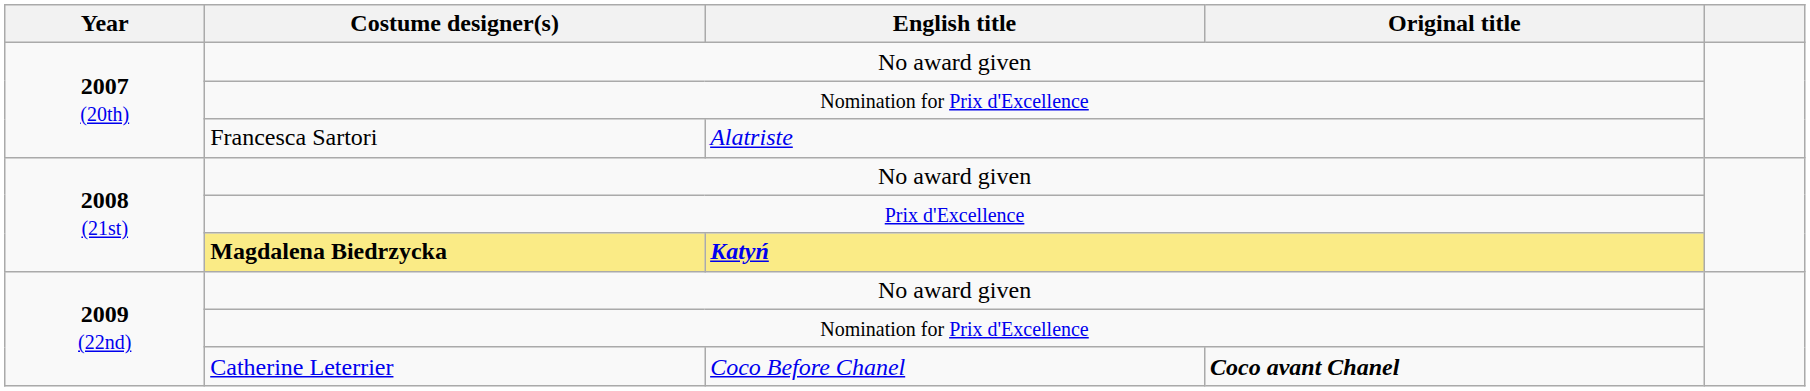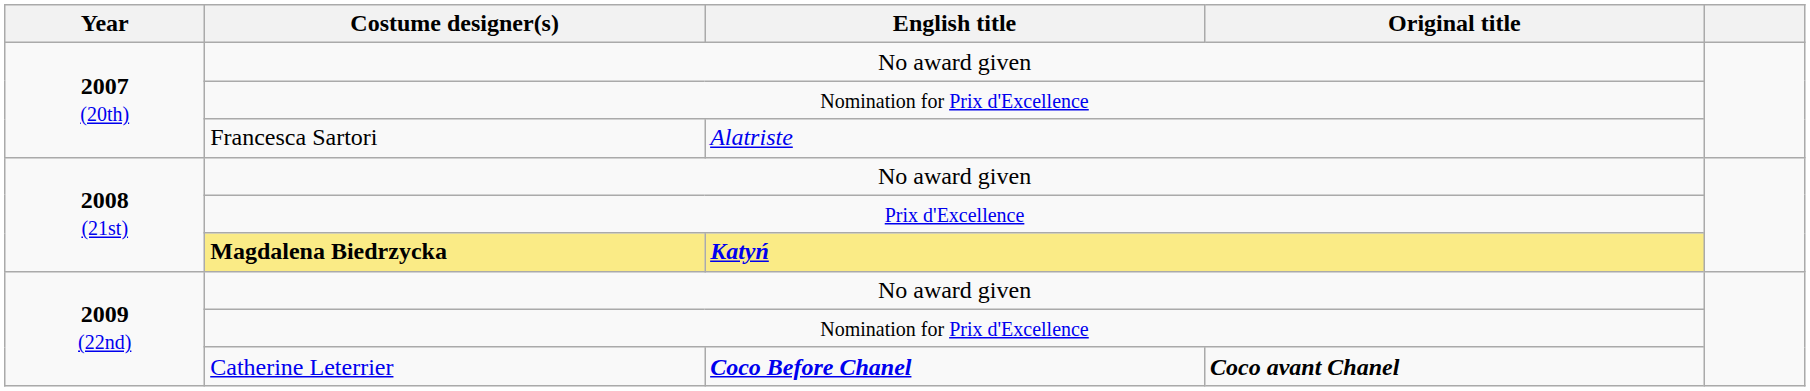 <table class="wikitable" width="95%" cellpadding="5">
 <tr>
 <th width="10%">Year</th>
 <th width="25%">Costume designer(s)</th>
 <th width="25%">English title</th>
 <th width="25%">Original title</th>
 <th width="5%"></th>
 </tr>
 <tr>
 <td style="text-align:center;" rowspan=3><strong>2007</strong><small><br><a href='#'>(20th)</a></small></td>
 <td style="text-align:center;" colspan=3>No award given</td>
 <td rowspan="3"></td>
 </tr>
 <tr>
 <td style="text-align:center;" colspan=3><small>Nomination for <a href='#'>Prix d'Excellence</a></small></td>
 </tr>
 <tr>
 <td> Francesca Sartori</td>
 <td colspan="2"><em><a href='#'>Alatriste</a></em></td>
 </tr>
 <tr>
 <td style="text-align:center;" rowspan=3><strong>2008</strong><br><small><a href='#'>(21st)</a></small></td>
 <td style="text-align:center;" colspan=3>No award given</td>
 <td rowspan="3"></td>
 </tr>
 <tr>
 <td style="text-align:center;" colspan=3><small> <a href='#'>Prix d'Excellence</a></small></td>
 </tr>
 <tr>
 <td style="background:#FAEB86;"><strong> Magdalena Biedrzycka</strong></td>
 <td colspan="2" style="background:#FAEB86;"><strong><em><a href='#'>Katyń</a></em></strong></td>
 </tr>
 <tr>
 <td style="text-align:center;" rowspan=3><strong>2009</strong><br><small><a href='#'>(22nd)</a></small></td>
 <td style="text-align:center;" colspan=3>No award given</td>
 <td rowspan="3"></td>
 </tr>
 <tr>
 <td style="text-align:center;" colspan=3><small>Nomination for <a href='#'>Prix d'Excellence</a></small></td>
 </tr>
 <tr>
 <td> <a href='#'>Catherine Leterrier</a></td>
-<td><em><a href='#'>Coco Before Chanel</a></em></td>
+<td><strong><em><a href='#'>Coco Before Chanel</a></em></strong></td>
 <td><strong><em>Coco avant Chanel</em></strong></td>
 </tr>
 </table>
